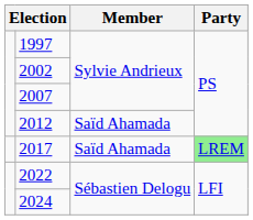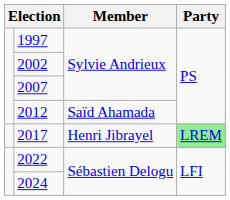 <table class="wikitable">
 <tr>
 <th colspan="2">Election</th>
 <th>Member</th>
 <th>Party</th>
 </tr>
 <tr>
 <td rowspan="4" style="background-color: "></td>
 <td><a href='#'>1997</a></td>
 <td rowspan=3><a href='#'>Sylvie Andrieux</a></td>
 <td rowspan="4"><a href='#'>PS</a></td>
 </tr>
 <tr>
 <td><a href='#'>2002</a></td>
 </tr>
 <tr>
 <td><a href='#'>2007</a></td>
 </tr>
 <tr>
 <td><a href='#'>2012</a></td>
 <td><a href='#'>Saïd Ahamada</a></td>
 </tr>
 <tr>
 <td style="color:inherit;background-color: "></td>
 <td><a href='#'>2017</a></td>
-<td><a href='#'>Saïd Ahamada</a></td>
+<td><a href='#'>Henri Jibrayel</a></td>
 <td style="background: lightgreen;"><a href='#'>LREM</a></td>
 </tr>
 <tr>
 <td rowspan=2 style="color:inherit;background-color: "></td>
 <td><a href='#'>2022</a></td>
 <td rowspan=2><a href='#'>Sébastien Delogu</a></td>
 <td rowspan=2><a href='#'>LFI</a></td>
 </tr>
 <tr>
 <td><a href='#'>2024</a></td>
 </tr>
 </table>
